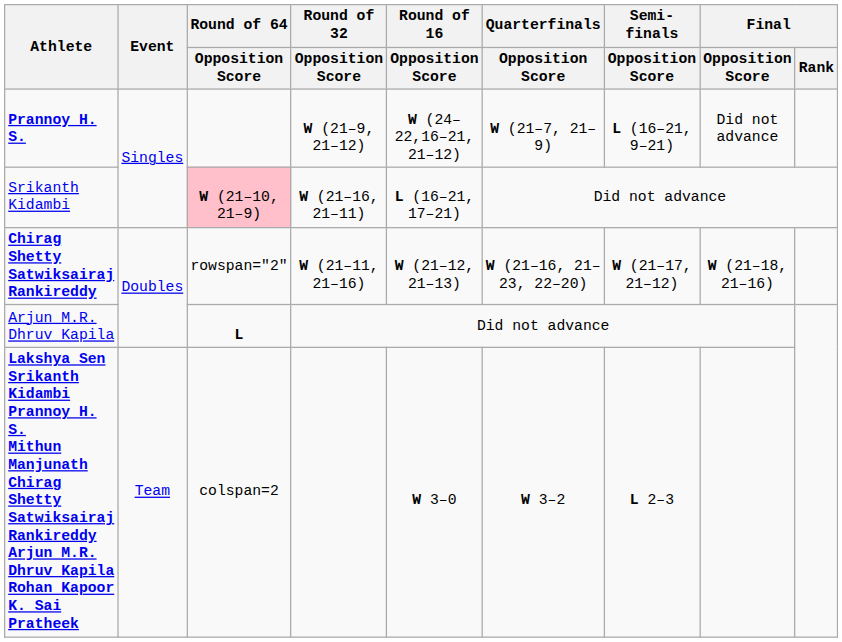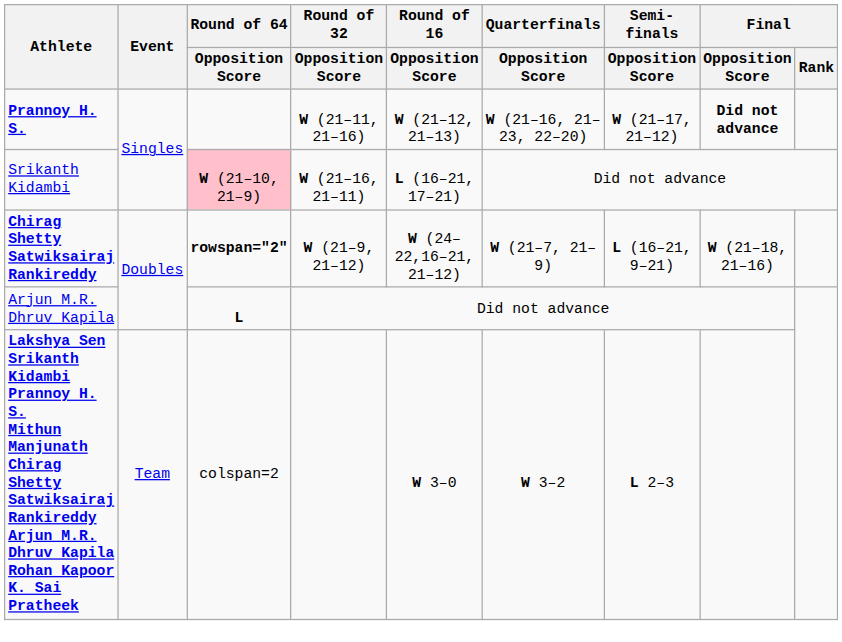 <table class=wikitable style="text-align:center; font-size:90%">
 <tr>
 <th rowspan="2">Athlete</th>
 <th rowspan="2">Event</th>
 <th>Round of 64</th>
 <th>Round of 32</th>
 <th>Round of 16</th>
 <th>Quarterfinals</th>
 <th>Semi-finals</th>
 <th colspan="2">Final</th>
 </tr>
 <tr>
 <th>Opposition<br>Score</th>
 <th>Opposition<br>Score</th>
 <th>Opposition<br>Score</th>
 <th>Opposition<br>Score</th>
 <th>Opposition<br>Score</th>
 <th>Opposition<br>Score</th>
 <th>Rank</th>
 </tr>
 <tr>
 <td align=left><strong><a href='#'>Prannoy H. S.</a></strong></td>
 <td rowspan="2"><a href='#'>Singles</a></td>
 <td></td>
-<td><br><strong>W</strong> (21–9, 21–12)</td>
-<td><br><strong>W</strong> (24–22,16–21, 21–12)</td>
-<td><br><strong>W</strong> (21–7, 21–9)</td>
-<td><br><strong>L</strong> (16–21, 9–21)</td>
-<td>Did not advance</td>
+<td><br><strong>W</strong> (21–11, 21–16)</td>
+<td><br><strong>W</strong> (21–12, 21–13)</td>
+<td><br><strong>W</strong> (21–16, 21–23, 22–20)</td>
+<td><br><strong>W</strong> (21–17, 21–12)</td>
+<td><strong>Did not advance</strong></td>
 <td><strong></strong></td>
 </tr>
 <tr>
 <td style="text-align:left"><a href='#'>Srikanth Kidambi</a></td>
 <td style="background: pink;"><br><strong>W</strong> (21–10, 21–9)</td>
 <td><br><strong>W</strong> (21–16, 21–11)</td>
 <td><br><strong>L</strong> (16–21, 17–21)</td>
 <td colspan="5">Did not advance</td>
 </tr>
 <tr>
 <td style="text-align:left"><strong><a href='#'>Chirag Shetty</a> <br><a href='#'>Satwiksairaj Rankireddy</a></strong></td>
 <td rowspan="2"><a href='#'>Doubles</a></td>
-<td>rowspan="2" </td>
-<td><br><strong>W</strong> (21–11, 21–16)</td>
-<td><br><strong>W</strong> (21–12, 21–13)</td>
-<td><br><strong>W</strong> (21–16, 21–23, 22–20)</td>
-<td><br><strong>W</strong> (21–17, 21–12)</td>
+<td><strong>rowspan="2" </strong></td>
+<td><br><strong>W</strong> (21–9, 21–12)</td>
+<td><br><strong>W</strong> (24–22,16–21, 21–12)</td>
+<td><br><strong>W</strong> (21–7, 21–9)</td>
+<td><br><strong>L</strong> (16–21, 9–21)</td>
 <td><br><strong>W</strong> (21–18, 21–16)</td>
 <td><strong></strong></td>
 </tr>
 <tr>
 <td style="text-align:left"><a href='#'>Arjun M.R.</a> <br><a href='#'>Dhruv Kapila</a></td>
 <td><br><strong>L</strong> </td>
 <td colspan="5">Did not advance</td>
 </tr>
 <tr>
 <td style="text-align:left"><strong><a href='#'>Lakshya Sen</a><br><a href='#'>Srikanth Kidambi</a><br><a href='#'>Prannoy H. S.</a><br><a href='#'>Mithun Manjunath</a><br><a href='#'>Chirag Shetty</a><br><a href='#'>Satwiksairaj Rankireddy</a><br><a href='#'>Arjun M.R.</a><br><a href='#'>Dhruv Kapila</a><br><a href='#'>Rohan Kapoor</a><br><a href='#'>K. Sai Pratheek</a></strong></td>
 <td><a href='#'>Team</a></td>
 <td>colspan=2 </td>
 <td></td>
 <td><br><strong>W</strong> 3–0</td>
 <td><br><strong>W</strong> 3–2</td>
 <td><br><strong>L</strong> 2–3</td>
 <td><strong></strong></td>
 </tr>
 </table>
